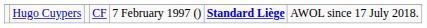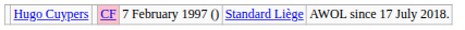 <table class="wikitable" style="text-align:center;">
 <tr>
 </tr>
 <tr>
 <td></td>
 <td><a href='#'>Hugo Cuypers</a></td>
 <td></td>
-<td><a href='#'>CF</a></td>
+<td style="background: pink;"><a href='#'>CF</a></td>
 <td>7 February 1997 ()</td>
-<td><strong> <a href='#'>Standard Liège</a></strong></td>
+<td> <a href='#'>Standard Liège</a></td>
 <td>AWOL since 17 July 2018.</td>
 </tr>
 </table>
